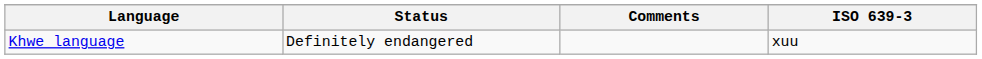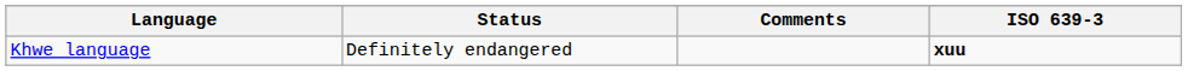 <table class="wikitable" style="margin:auto; font-size:90%;">
 <tr>
 </tr>
 <tr>
 <th style="width:20%;">Language</th>
 <th style="width:20%;">Status</th>
 <th style="width:15%;">Comments</th>
 <th style="width:15%;">ISO 639-3</th>
 </tr>
 <tr>
 <td><a href='#'>Khwe language</a></td>
 <td>Definitely endangered</td>
 <td> </td>
-<td>xuu</td>
+<td><strong>xuu</strong></td>
 </tr>
 </table>
